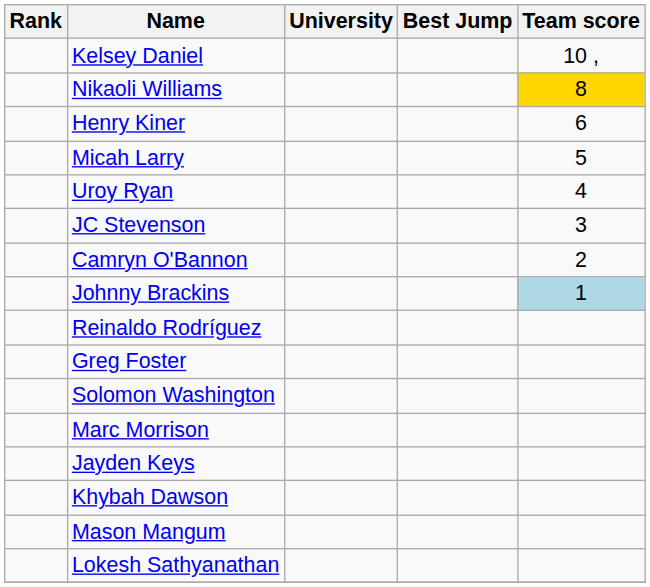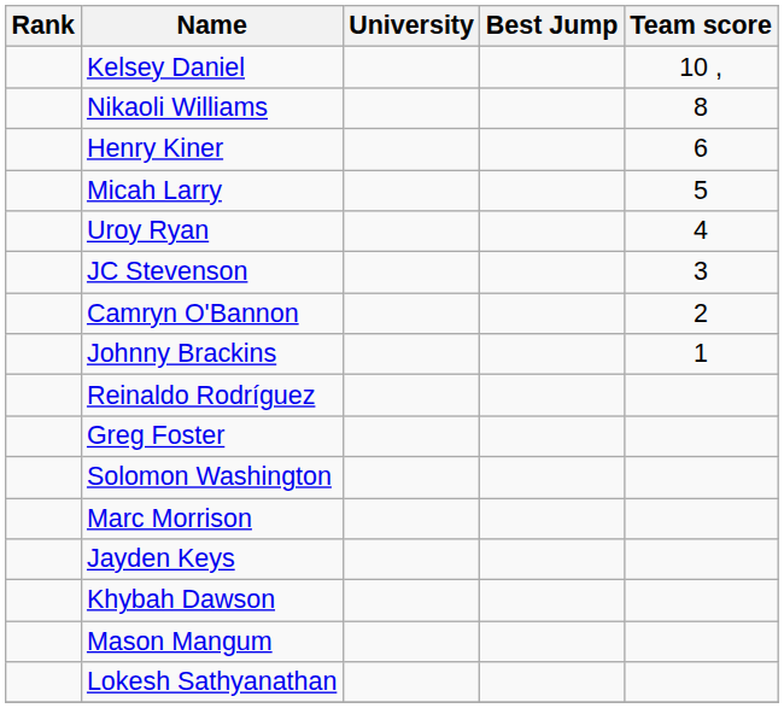 <table class="wikitable sortable" style="text-align:center">
 <tr>
 <th>Rank</th>
 <th>Name</th>
 <th>University</th>
 <th>Best Jump</th>
 <th>Team score</th>
 </tr>
 <tr>
 <td></td>
 <td align=left> <a href='#'>Kelsey Daniel</a></td>
 <td></td>
 <td><strong></strong></td>
 <td>10 , </td>
 </tr>
 <tr>
 <td></td>
 <td align=left> <a href='#'>Nikaoli Williams</a></td>
 <td></td>
 <td><strong></strong></td>
-<td style="background: gold;">8</td>
+<td>8</td>
 </tr>
 <tr>
 <td></td>
 <td align=left> <a href='#'>Henry Kiner</a></td>
 <td></td>
 <td><strong></strong></td>
 <td>6</td>
 </tr>
 <tr>
 <td></td>
 <td align=left> <a href='#'>Micah Larry</a></td>
 <td></td>
 <td><strong></strong></td>
 <td>5</td>
 </tr>
 <tr>
 <td></td>
 <td align=left> <a href='#'>Uroy Ryan</a></td>
 <td></td>
 <td><strong></strong></td>
 <td>4</td>
 </tr>
 <tr>
 <td></td>
 <td align=left> <a href='#'>JC Stevenson</a></td>
 <td></td>
 <td><strong></strong></td>
 <td>3</td>
 </tr>
 <tr>
 <td></td>
 <td align=left> <a href='#'>Camryn O'Bannon</a></td>
 <td></td>
 <td><strong></strong></td>
 <td>2</td>
 </tr>
 <tr>
 <td></td>
 <td align=left> <a href='#'>Johnny Brackins</a></td>
 <td></td>
 <td><strong></strong></td>
-<td style="background: lightblue;">1</td>
+<td>1</td>
 </tr>
 <tr>
 <td></td>
 <td align=left> <a href='#'>Reinaldo Rodríguez</a></td>
 <td></td>
 <td><strong></strong></td>
 <td></td>
 </tr>
 <tr>
 <td></td>
 <td align=left> <a href='#'>Greg Foster</a></td>
 <td></td>
 <td><strong></strong></td>
 <td></td>
 </tr>
 <tr>
 <td></td>
 <td align=left> <a href='#'>Solomon Washington</a></td>
 <td></td>
 <td><strong></strong></td>
 <td></td>
 </tr>
 <tr>
 <td></td>
 <td align=left> <a href='#'>Marc Morrison</a></td>
 <td></td>
 <td><strong></strong></td>
 <td></td>
 </tr>
 <tr>
 <td></td>
 <td align=left> <a href='#'>Jayden Keys</a></td>
 <td></td>
 <td><strong></strong></td>
 <td></td>
 </tr>
 <tr>
 <td></td>
 <td align=left> <a href='#'>Khybah Dawson</a></td>
 <td></td>
 <td><strong></strong></td>
 <td></td>
 </tr>
 <tr>
 <td></td>
 <td align=left> <a href='#'>Mason Mangum</a></td>
 <td></td>
 <td><strong></strong></td>
 <td></td>
 </tr>
 <tr>
 <td></td>
 <td align=left> <a href='#'>Lokesh Sathyanathan</a></td>
 <td></td>
 <td><strong></strong></td>
 <td></td>
 </tr>
 <tr>
 </tr>
 </table>
